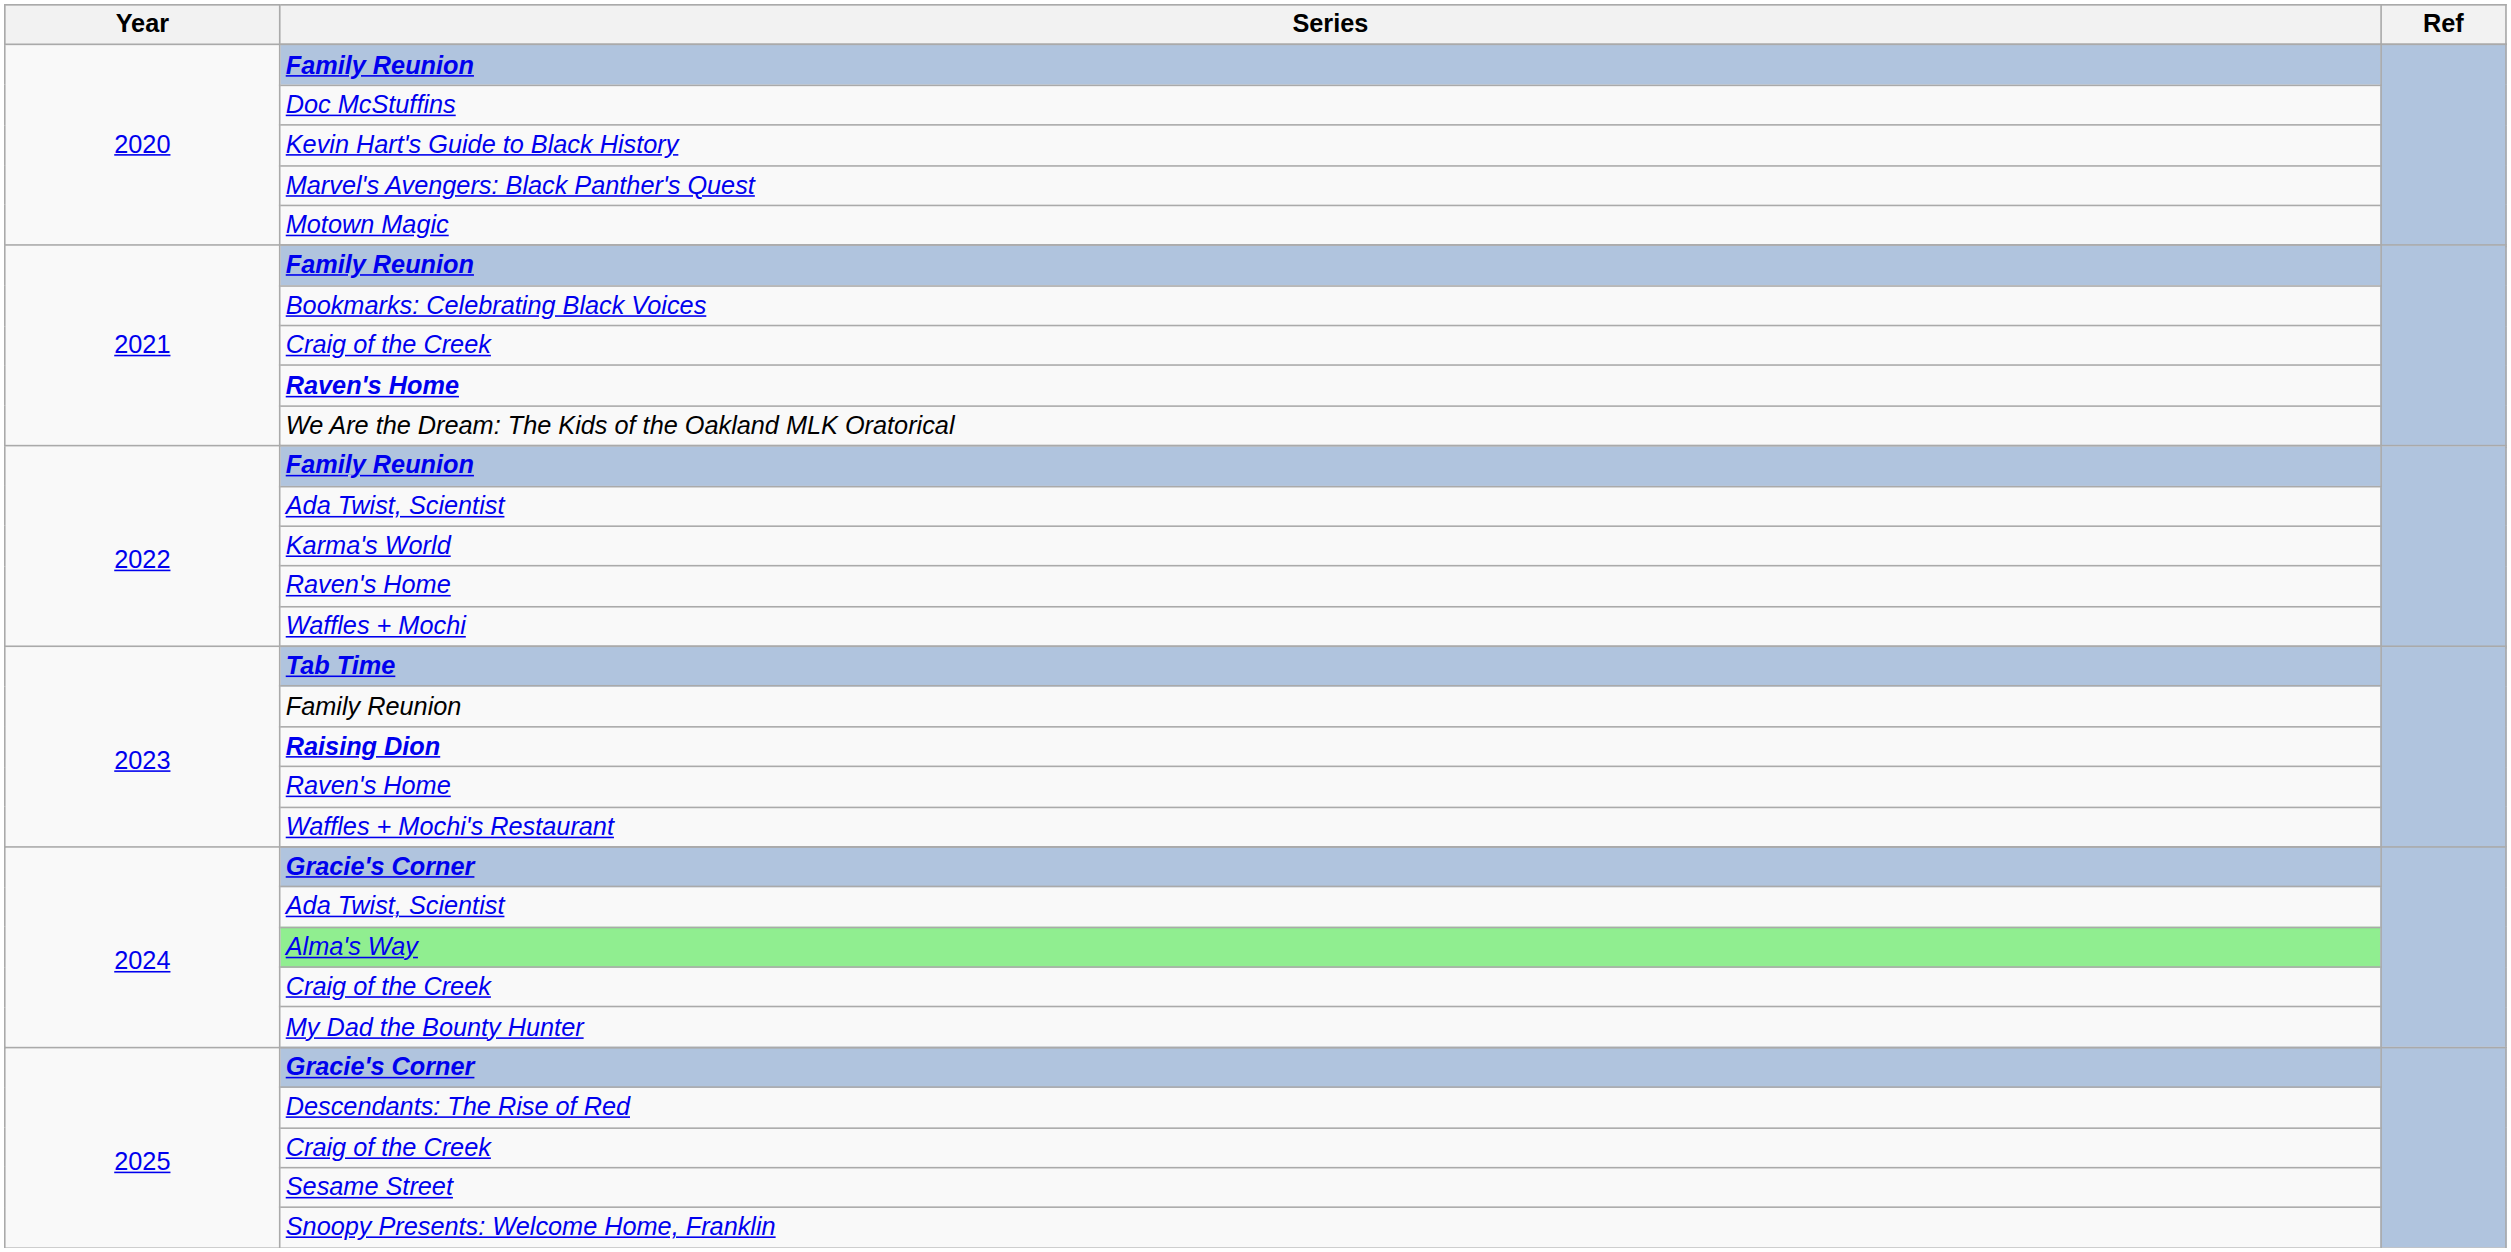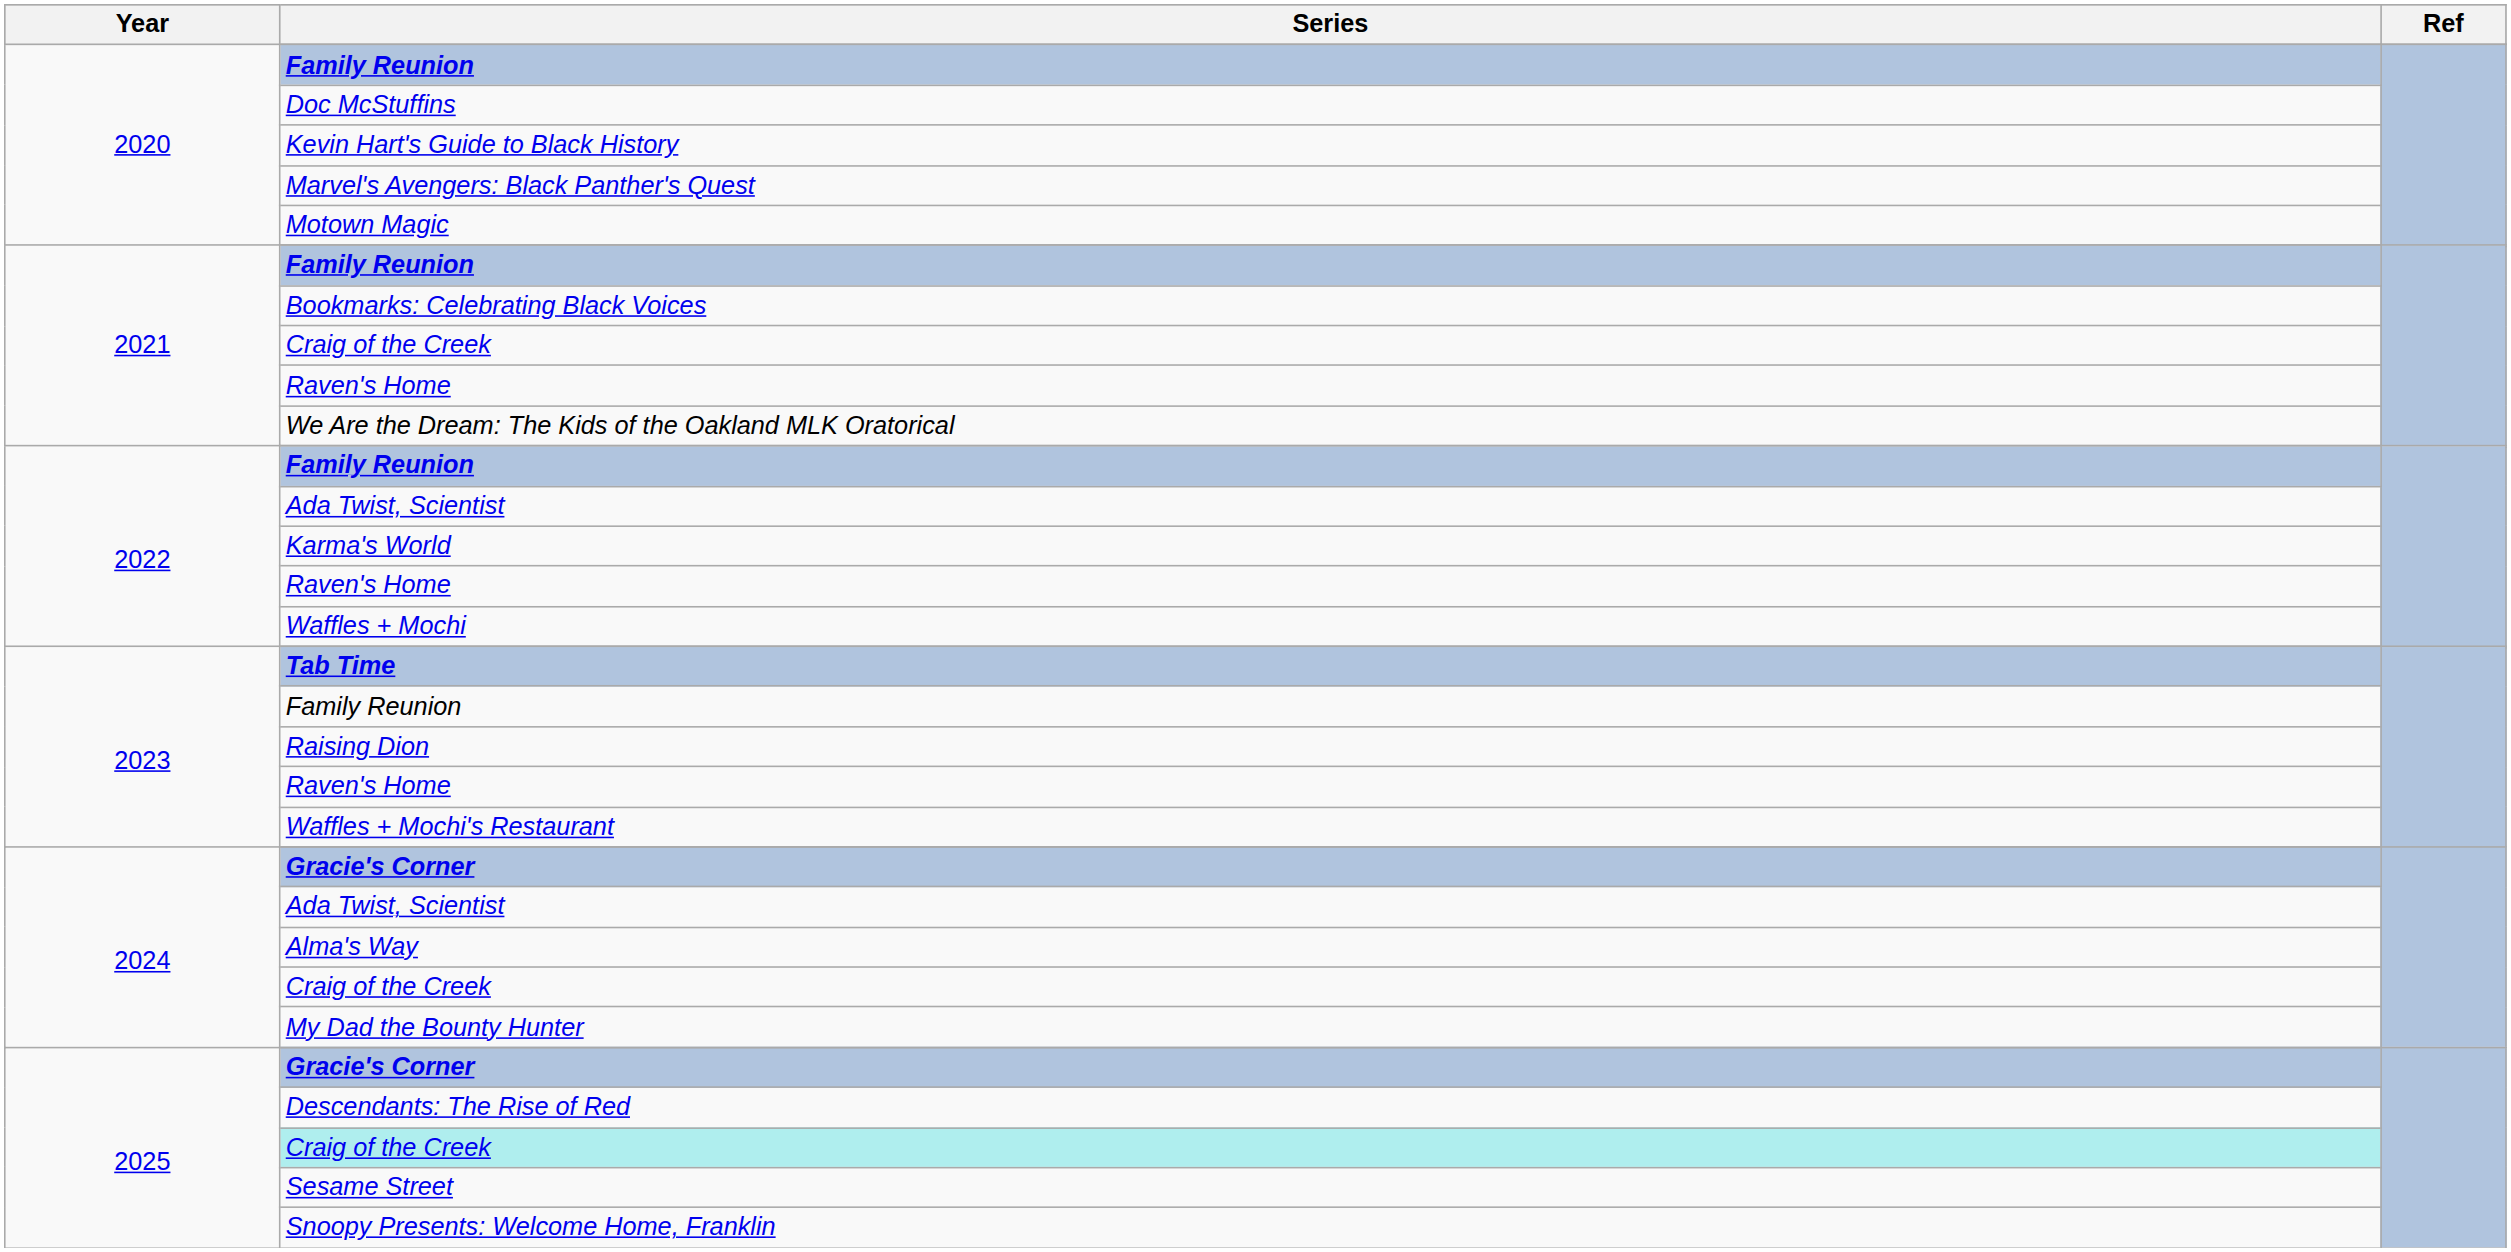 <table class="wikitable" style="width:100%;">
 <tr style="background:#bebebe;">
 <th style="width:11%;">Year</th>
 <th style="width:84%;">Series</th>
 <th style="width:5%;">Ref</th>
 </tr>
 <tr>
 <td rowspan="6" align="center"><a href='#'>2020</a></td>
 </tr>
 <tr style="background:#B0C4DE">
 <td><strong><em><a href='#'>Family Reunion</a></em></strong></td>
 <td rowspan="6" align="center"></td>
 </tr>
 <tr>
 <td><em><a href='#'>Doc McStuffins</a></em></td>
 </tr>
 <tr>
 <td><em><a href='#'>Kevin Hart's Guide to Black History</a></em></td>
 </tr>
 <tr>
 <td><em><a href='#'>Marvel's Avengers: Black Panther's Quest</a></em></td>
 </tr>
 <tr>
 <td><em><a href='#'>Motown Magic</a></em></td>
 </tr>
 <tr>
 <td rowspan="6" align="center"><a href='#'>2021</a></td>
 </tr>
 <tr style="background:#B0C4DE">
 <td><strong><em><a href='#'>Family Reunion</a></em></strong></td>
 <td rowspan="6" align="center"></td>
 </tr>
 <tr>
 <td><em><a href='#'>Bookmarks: Celebrating Black Voices</a></em></td>
 </tr>
 <tr>
 <td><em><a href='#'>Craig of the Creek</a></em></td>
 </tr>
 <tr>
-<td><strong><em><a href='#'>Raven's Home</a></em></strong></td>
+<td><em><a href='#'>Raven's Home</a></em></td>
 </tr>
 <tr>
 <td><em>We Are the Dream: The Kids of the Oakland MLK Oratorical</em></td>
 </tr>
 <tr>
 <td rowspan="6" align="center"><br><a href='#'>2022</a></td>
 </tr>
 <tr style="background:#B0C4DE">
 <td><strong><em><a href='#'>Family Reunion</a></em></strong></td>
 <td rowspan="6" align="center"></td>
 </tr>
 <tr>
 <td><em><a href='#'>Ada Twist, Scientist</a></em></td>
 </tr>
 <tr>
 <td><em><a href='#'>Karma's World</a></em></td>
 </tr>
 <tr>
 <td><em><a href='#'>Raven's Home</a></em></td>
 </tr>
 <tr>
 <td><em><a href='#'>Waffles + Mochi</a></em></td>
 </tr>
 <tr>
 <td rowspan="6" align="center"><br><a href='#'>2023</a></td>
 </tr>
 <tr style="background:#B0C4DE">
 <td><strong><em><a href='#'>Tab Time</a></em></strong></td>
 <td rowspan="6" align="center"></td>
 </tr>
 <tr>
 <td><em>Family Reunion</em></td>
 </tr>
 <tr>
-<td><strong><em><a href='#'>Raising Dion</a></em></strong></td>
+<td><em><a href='#'>Raising Dion</a></em></td>
 </tr>
 <tr>
 <td><em><a href='#'>Raven's Home</a></em></td>
 </tr>
 <tr>
 <td><em><a href='#'>Waffles + Mochi's Restaurant</a></em></td>
 </tr>
 <tr>
 <td rowspan="6" align="center"><br><a href='#'>2024</a></td>
 </tr>
 <tr style="background:#B0C4DE">
 <td><strong><em><a href='#'>Gracie's Corner</a></em></strong></td>
 <td rowspan="6" align="center"></td>
 </tr>
 <tr>
 <td><em><a href='#'>Ada Twist, Scientist</a></em></td>
 </tr>
 <tr>
-<td style="background: lightgreen;"><em><a href='#'>Alma's Way</a></em></td>
+<td><em><a href='#'>Alma's Way</a></em></td>
 </tr>
 <tr>
 <td><em><a href='#'>Craig of the Creek</a></em></td>
 </tr>
 <tr>
 <td><em><a href='#'>My Dad the Bounty Hunter</a></em></td>
 </tr>
 <tr>
 <td rowspan="6" align="center"><br><a href='#'>2025</a></td>
 </tr>
 <tr style="background:#B0C4DE">
 <td><strong><em><a href='#'>Gracie's Corner</a></em></strong></td>
 <td rowspan="6" align="center"></td>
 </tr>
 <tr>
 <td><em><a href='#'>Descendants: The Rise of Red</a></em></td>
 </tr>
 <tr>
-<td><em><a href='#'>Craig of the Creek</a></em></td>
+<td style="background: paleturquoise;"><em><a href='#'>Craig of the Creek</a></em></td>
 </tr>
 <tr>
 <td><em><a href='#'>Sesame Street</a></em></td>
 </tr>
 <tr>
 <td><em><a href='#'>Snoopy Presents: Welcome Home, Franklin</a></em></td>
 </tr>
 </table>
